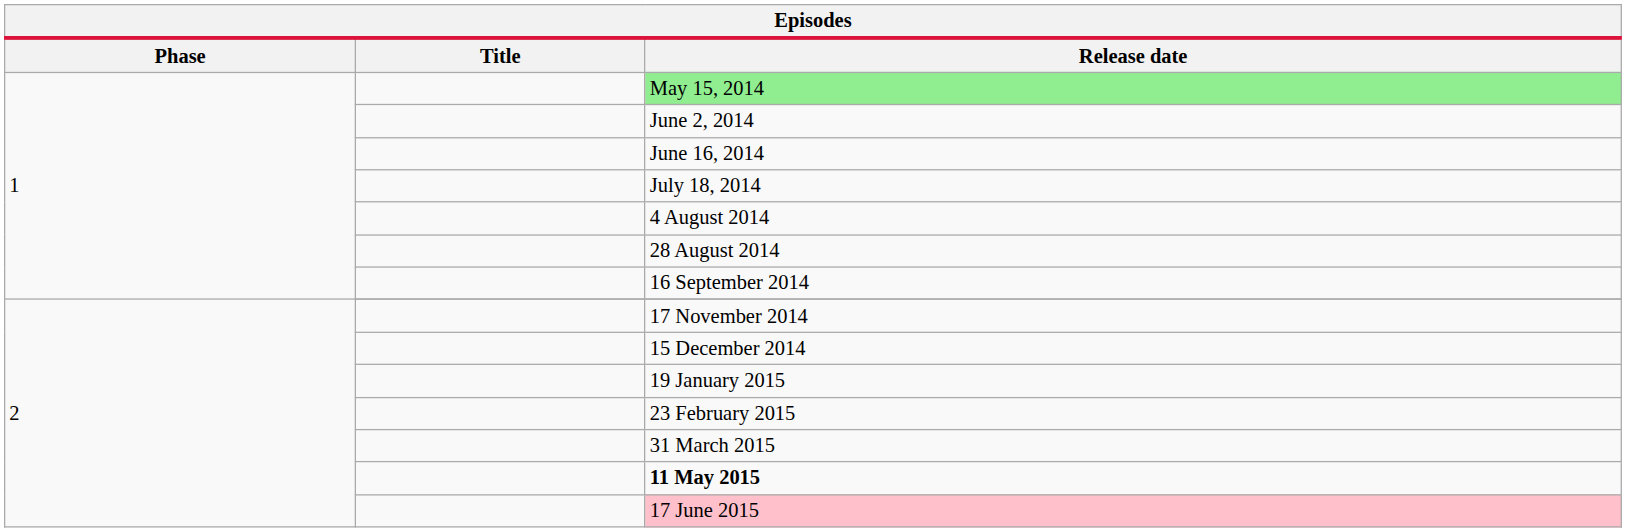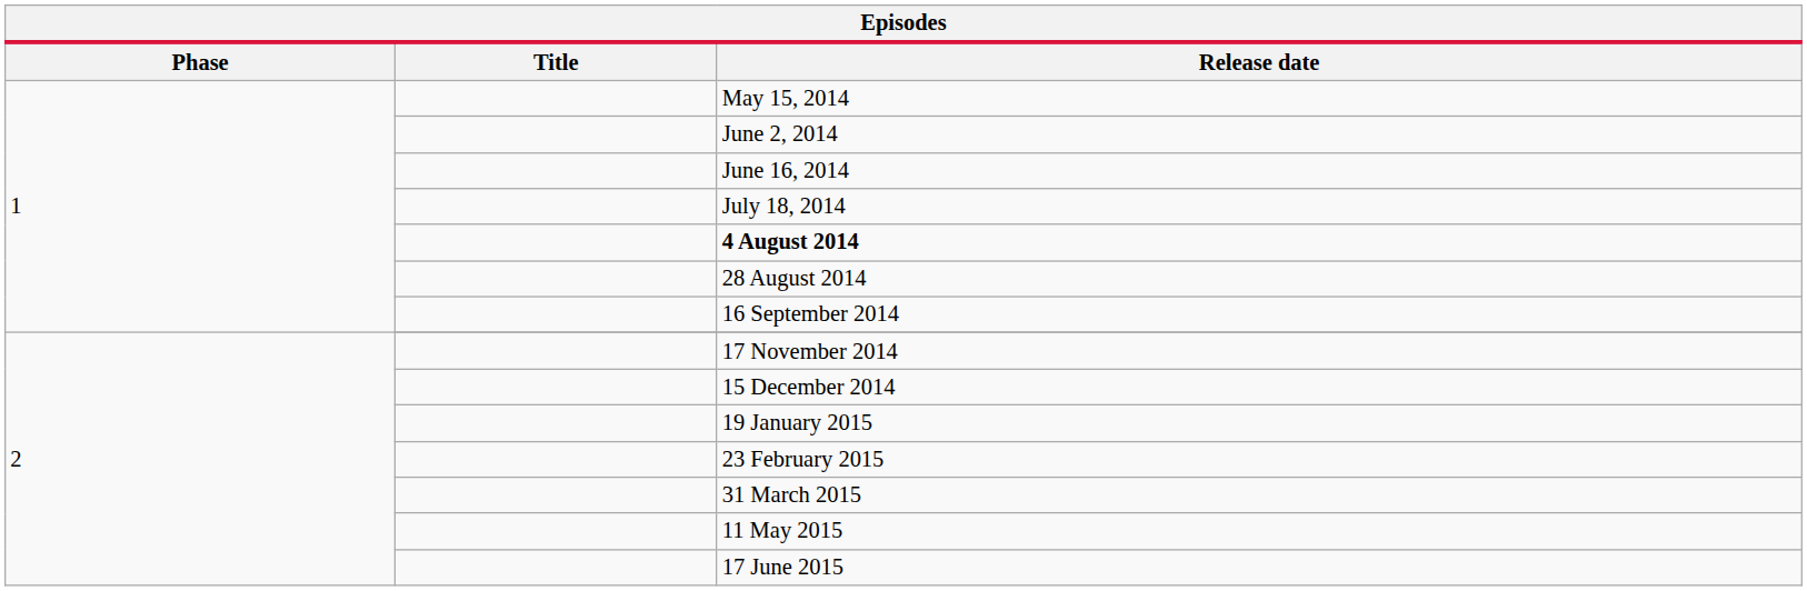 <table style="width:100%;" class="wikitable">
 <tr>
 <th colspan="3">Episodes</th>
 </tr>
 <tr style="border-top: 3px solid #DC143C">
 <th>Phase</th>
 <th>Title</th>
 <th>Release date</th>
 </tr>
 <tr>
 <td rowspan="7">1</td>
 <td></td>
-<td style="background: lightgreen;">May 15, 2014</td>
+<td>May 15, 2014</td>
 </tr>
 <tr>
 <td></td>
 <td>June 2, 2014</td>
 </tr>
 <tr>
 <td></td>
 <td>June 16, 2014</td>
 </tr>
 <tr>
 <td></td>
 <td>July 18, 2014</td>
 </tr>
 <tr>
 <td></td>
-<td>4 August 2014</td>
+<td><strong>4 August 2014</strong></td>
 </tr>
 <tr>
 <td></td>
 <td>28 August 2014</td>
 </tr>
 <tr>
 <td></td>
 <td>16 September 2014</td>
 </tr>
 <tr>
 <td rowspan="8">2</td>
 </tr>
 <tr>
 <td></td>
 <td>17 November 2014</td>
 </tr>
 <tr>
 <td></td>
 <td>15 December 2014</td>
 </tr>
 <tr>
 <td></td>
 <td>19 January 2015</td>
 </tr>
 <tr>
 <td></td>
 <td>23 February 2015</td>
 </tr>
 <tr>
 <td></td>
 <td>31 March 2015</td>
 </tr>
 <tr>
 <td></td>
-<td><strong>11 May 2015</strong></td>
+<td>11 May 2015</td>
 </tr>
 <tr>
 <td></td>
-<td style="background: pink;">17 June 2015</td>
+<td>17 June 2015</td>
 </tr>
 </table>
